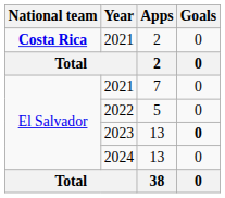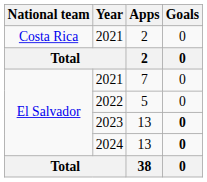 <table class=wikitable style=text-align:center>
 <tr>
 <th>National team</th>
 <th>Year</th>
 <th>Apps</th>
 <th>Goals</th>
 </tr>
 <tr>
-<td><strong> <a href='#'>Costa Rica</a></strong></td>
+<td> <a href='#'>Costa Rica</a></td>
 <td>2021</td>
 <td>2</td>
 <td>0</td>
 </tr>
 <tr>
 <th colspan=2>Total</th>
 <th>2</th>
 <th>0</th>
 </tr>
 <tr>
 <td rowspan=4> <a href='#'>El Salvador</a></td>
 <td>2021</td>
 <td>7</td>
 <td>0</td>
 </tr>
 <tr>
 <td>2022</td>
 <td>5</td>
 <td>0</td>
 </tr>
 <tr>
 <td>2023</td>
 <td>13</td>
 <td><strong>0</strong></td>
 </tr>
 <tr>
 <td>2024</td>
 <td>13</td>
-<td>0</td>
+<td><strong>0</strong></td>
 </tr>
 <tr>
 <th colspan=2>Total</th>
 <th>38</th>
 <th>0</th>
 </tr>
 </table>
